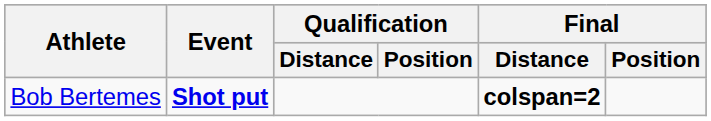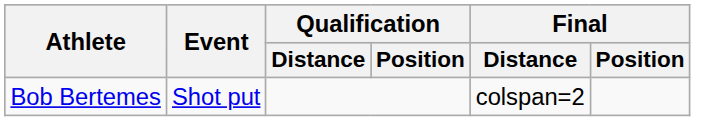 <table class=wikitable style=font-size:90%>
 <tr>
 <th rowspan=2>Athlete</th>
 <th rowspan=2>Event</th>
 <th colspan=2>Qualification</th>
 <th colspan=2>Final</th>
 </tr>
 <tr style=font-size:95%>
 <th>Distance</th>
 <th>Position</th>
 <th>Distance</th>
 <th>Position</th>
 </tr>
 <tr align=center>
 <td align=left><a href='#'>Bob Bertemes</a></td>
-<td align=left><strong><a href='#'>Shot put</a></strong></td>
+<td align=left><a href='#'>Shot put</a></td>
 <td colspan=2></td>
-<td><strong>colspan=2 </strong></td>
+<td>colspan=2 </td>
 </tr>
 </table>
